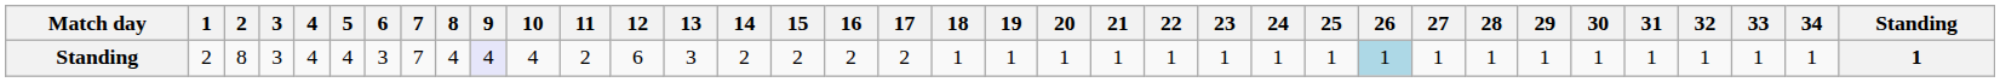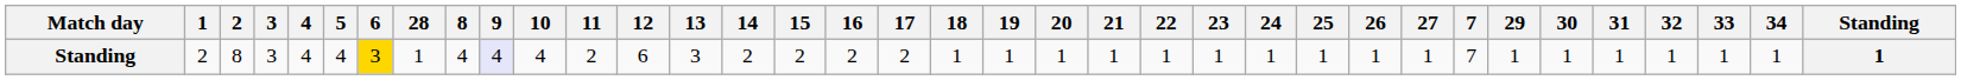 <table class="wikitable" style="width:100%; font-size:85%;">
 <tr valign=top>
 <th align=center>Match day</th>
 <th align=center>1</th>
 <th align=center>2</th>
 <th align=center>3</th>
 <th align=center>4</th>
 <th align=center>5</th>
 <th align=center>6</th>
-<th align=center>7</th>
+<th align=center>28</th>
 <th align=center>8</th>
 <th align=center>9</th>
 <th align=center>10</th>
 <th align=center>11</th>
 <th align=center>12</th>
 <th align=center>13</th>
 <th align=center>14</th>
 <th align=center>15</th>
 <th align=center>16</th>
 <th align=center>17</th>
 <th align=center>18</th>
 <th align=center>19</th>
 <th align=center>20</th>
 <th align=center>21</th>
 <th align=center>22</th>
 <th align=center>23</th>
 <th align=center>24</th>
 <th align=center>25</th>
 <th align=center>26</th>
 <th align=center>27</th>
-<th align=center>28</th>
+<th align=center>7</th>
 <th align=center>29</th>
 <th align=center>30</th>
 <th align=center>31</th>
 <th align=center>32</th>
 <th align=center>33</th>
 <th align=center>34</th>
 <th align=center>Standing</th>
 </tr>
 <tr>
 <th align=center>Standing</th>
 <td align=center>2</td>
 <td align=center>8</td>
 <td align=center>3</td>
 <td align=center>4</td>
 <td align=center>4</td>
-<td align=center>3</td>
-<td align=center>7</td>
+<td align=center style="background: gold;">3</td>
+<td align=center>1</td>
 <td align=center>4</td>
 <td align=center style="background: lavender;">4</td>
 <td align=center>4</td>
 <td align=center>2</td>
 <td align=center>6</td>
 <td align=center>3</td>
 <td align=center>2</td>
 <td align=center>2</td>
 <td align=center>2</td>
 <td align=center>2</td>
 <td align=center>1</td>
 <td align=center>1</td>
 <td align=center>1</td>
 <td align=center>1</td>
 <td align=center>1</td>
 <td align=center>1</td>
 <td align=center>1</td>
 <td align=center>1</td>
-<td align=center style="background: lightblue;">1</td>
 <td align=center>1</td>
 <td align=center>1</td>
+<td align=center>7</td>
 <td align=center>1</td>
 <td align=center>1</td>
 <td align=center>1</td>
 <td align=center>1</td>
 <td align=center>1</td>
 <td align=center>1</td>
 <th align=center>1</th>
 </tr>
 </table>
